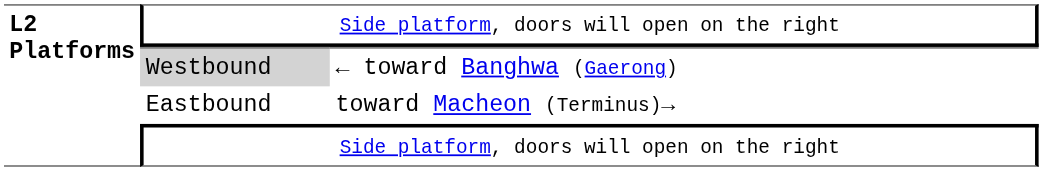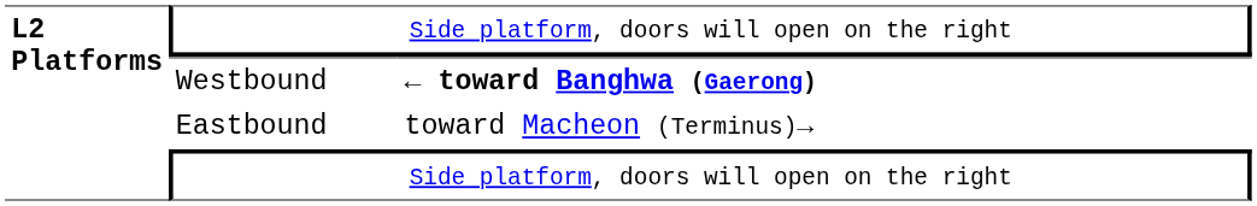 <table table border=0 cellspacing=0 cellpadding=3>
 <tr>
 <td style="border-top:solid 1px gray;border-bottom:solid 1px gray;" width=50 rowspan=10 valign=top><strong>L2<br>Platforms</strong></td>
 <td style="border-top:solid 1px gray;border-right:solid 2px black;border-left:solid 2px black;border-bottom:solid 2px black;text-align:center;" colspan=2><small><a href='#'>Side platform</a>, doors will open on the right</small></td>
 </tr>
 <tr>
-<td style="background: lightgrey; border-bottom:solid 0px gray;border-top:solid 1px gray;" width=100>Westbound</td>
-<td style="border-bottom:solid 0px gray;border-top:solid 1px gray;" width=390>←  toward <a href='#'>Banghwa</a> <small>(<a href='#'>Gaerong</a>)</small></td>
+<td style="border-bottom:solid 0px gray;border-top:solid 1px gray;" width=100>Westbound</td>
+<td style="border-bottom:solid 0px gray;border-top:solid 1px gray;" width=390><strong>←  toward <a href='#'>Banghwa</a> <small>(<a href='#'>Gaerong</a>)</small></strong></td>
 </tr>
 <tr>
 <td>Eastbound</td>
 <td>  toward <a href='#'>Macheon</a> <small>(Terminus)</small>→</td>
 </tr>
 <tr>
 <td style="border-top:solid 2px black;border-right:solid 2px black;border-left:solid 2px black;border-bottom:solid 1px gray;text-align:center;" colspan=2><small><a href='#'>Side platform</a>, doors will open on the right</small></td>
 </tr>
 </table>
